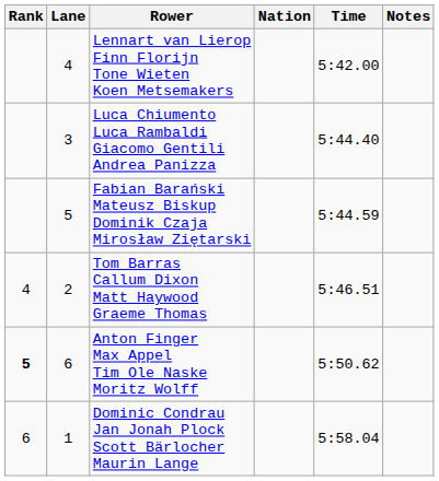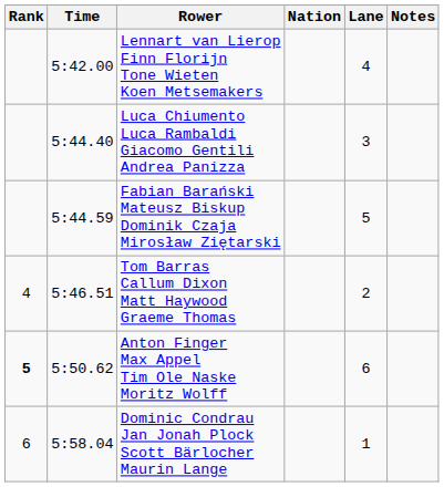 <table class="wikitable sortable" style="text-align:center">
 <tr>
 <th>Rank</th>
-<th>Lane</th>
+<th>Time</th>
 <th>Rower</th>
 <th>Nation</th>
-<th>Time</th>
+<th>Lane</th>
 <th>Notes</th>
 </tr>
 <tr>
 <td></td>
-<td>4</td>
+<td>5:42.00</td>
 <td align="left"><a href='#'>Lennart van Lierop</a><br><a href='#'>Finn Florijn</a><br><a href='#'>Tone Wieten</a><br><a href='#'>Koen Metsemakers</a></td>
 <td align="left"></td>
-<td>5:42.00</td>
+<td>4</td>
 <td></td>
 </tr>
 <tr>
 <td></td>
-<td>3</td>
+<td>5:44.40</td>
 <td align=left><a href='#'>Luca Chiumento</a><br><a href='#'>Luca Rambaldi</a><br><a href='#'>Giacomo Gentili</a><br><a href='#'>Andrea Panizza</a></td>
 <td align=left></td>
-<td>5:44.40</td>
+<td>3</td>
 <td></td>
 </tr>
 <tr>
 <td></td>
-<td>5</td>
+<td>5:44.59</td>
 <td align="left"><a href='#'>Fabian Barański</a><br><a href='#'>Mateusz Biskup</a><br><a href='#'>Dominik Czaja</a><br><a href='#'>Mirosław Ziętarski</a></td>
 <td align="left"></td>
-<td>5:44.59</td>
+<td>5</td>
 <td></td>
 </tr>
 <tr>
 <td>4</td>
-<td>2</td>
+<td>5:46.51</td>
 <td align=left><a href='#'>Tom Barras</a><br><a href='#'>Callum Dixon</a><br><a href='#'>Matt Haywood </a><br><a href='#'>Graeme Thomas</a></td>
 <td align=left></td>
-<td>5:46.51</td>
+<td>2</td>
 <td></td>
 </tr>
 <tr>
 <td><strong>5</strong></td>
-<td>6</td>
+<td>5:50.62</td>
 <td align="left"><a href='#'>Anton Finger</a><br><a href='#'>Max Appel</a><br><a href='#'>Tim Ole Naske</a><br><a href='#'>Moritz Wolff</a></td>
 <td align="left"></td>
-<td>5:50.62</td>
+<td>6</td>
 <td></td>
 </tr>
 <tr>
 <td>6</td>
-<td>1</td>
+<td>5:58.04</td>
 <td align=left><a href='#'>Dominic Condrau</a><br><a href='#'>Jan Jonah Plock</a><br><a href='#'>Scott Bärlocher</a><br><a href='#'>Maurin Lange</a></td>
 <td align=left></td>
-<td>5:58.04</td>
+<td>1</td>
 <td></td>
 </tr>
 </table>
